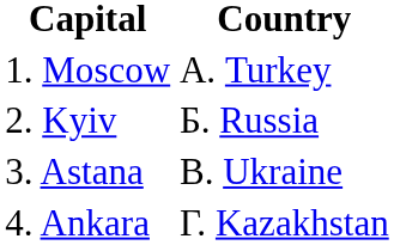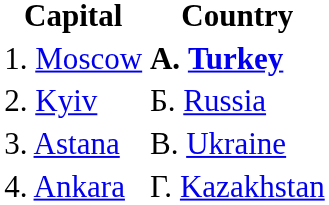 <table align="center" class="standard">
 <tr>
 <th>Capital</th>
 <th>Country</th>
 </tr>
 <tr ---->
 <td>1. <a href='#'>Moscow</a></td>
-<td>А. <a href='#'>Turkey</a></td>
+<td><strong>А. <a href='#'>Turkey</a></strong></td>
 </tr>
 <tr ---->
 <td>2. <a href='#'>Kyiv</a></td>
 <td>Б. <a href='#'>Russia</a></td>
 </tr>
 <tr ---->
 <td>3. <a href='#'>Astana</a></td>
 <td>В. <a href='#'>Ukraine</a></td>
 </tr>
 <tr ---->
 <td>4. <a href='#'>Ankara</a></td>
 <td>Г. <a href='#'>Kazakhstan</a></td>
 </tr>
 </table>
